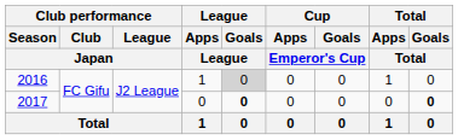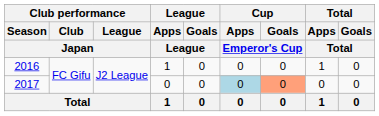 <table class="wikitable" style="text-align:center;">
 <tr>
 <th colspan=3>Club performance</th>
 <th colspan=2>League</th>
 <th colspan=2>Cup</th>
 <th colspan=2>Total</th>
 </tr>
 <tr>
 <th>Season</th>
 <th>Club</th>
 <th>League</th>
 <th>Apps</th>
 <th>Goals</th>
 <th>Apps</th>
 <th>Goals</th>
 <th>Apps</th>
 <th>Goals</th>
 </tr>
 <tr>
 <th colspan=3>Japan</th>
 <th colspan=2>League</th>
 <th colspan=2><a href='#'>Emperor's Cup</a></th>
 <th colspan=2>Total</th>
 </tr>
 <tr>
 <td><a href='#'>2016</a></td>
 <td rowspan="2"><a href='#'>FC Gifu</a></td>
 <td rowspan="2"><a href='#'>J2 League</a></td>
 <td>1</td>
-<td style="background: lightgrey;">0</td>
+<td>0</td>
 <td>0</td>
 <td>0</td>
 <td>1</td>
 <td>0</td>
 </tr>
 <tr>
 <td><a href='#'>2017</a></td>
 <td>0</td>
-<td><strong>0</strong></td>
+<td>0</td>
+<td style="background: lightblue;">0</td>
+<td style="background: lightsalmon;">0</td>
 <td>0</td>
 <td>0</td>
-<td>0</td>
-<td><strong>0</strong></td>
 </tr>
 <tr>
 <th colspan=3>Total</th>
 <th>1</th>
 <th>0</th>
 <th>0</th>
 <th>0</th>
 <th>1</th>
 <th>0</th>
 </tr>
 </table>
